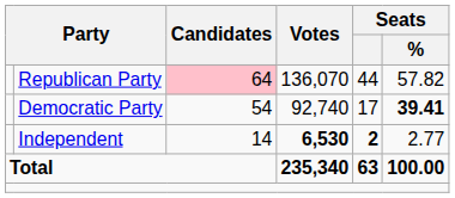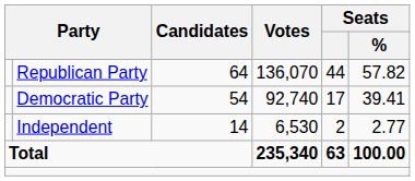 <table class="wikitable">
 <tr>
 <th colspan="2" rowspan="2">Party</th>
 <th rowspan="2">Candidates</th>
 <th colspan="1" rowspan="2">Votes</th>
 <th colspan="2">Seats</th>
 </tr>
 <tr>
 <th></th>
 <th>%</th>
 </tr>
 <tr>
 <td style="background-color:"></td>
 <td><a href='#'>Republican Party</a></td>
-<td align="right" style="background: pink;">64</td>
+<td align="right">64</td>
 <td align="right">136,070</td>
 <td align="right">44</td>
 <td align="right">57.82</td>
 </tr>
 <tr>
 <td style="background-color:"></td>
 <td><a href='#'>Democratic Party</a></td>
 <td align="right">54</td>
 <td align="right">92,740</td>
 <td align="right">17</td>
-<td align="right"><strong>39.41</strong></td>
+<td align="right">39.41</td>
 </tr>
 <tr>
 <td style="background-color:"></td>
 <td><a href='#'>Independent</a></td>
 <td align="right">14</td>
-<td align="right"><strong>6,530</strong></td>
-<td align="right"><strong>2</strong></td>
+<td align="right">6,530</td>
+<td align="right">2</td>
 <td align="right">2.77</td>
 </tr>
 <tr>
 <td colspan="3" align="left"><strong>Total</strong></td>
 <td align="right"><strong>235,340</strong></td>
 <td align="right"><strong>63</strong></td>
 <td align="right"><strong>100.00</strong></td>
 </tr>
 <tr>
 <td colspan="6"></td>
 </tr>
 </table>
